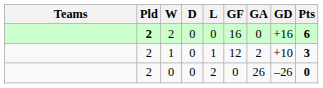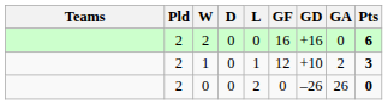 <table class="wikitable" style="text-align: center;">
 <tr>
 <th width=165>Teams</th>
 <th width=20>Pld</th>
 <th width=20>W</th>
 <th width=20>D</th>
 <th width=20>L</th>
 <th width=20>GF</th>
+<th width=20>GD</th>
 <th width=20>GA</th>
-<th width=20>GD</th>
 <th width=20>Pts</th>
 </tr>
 <tr align=center style="background:#ccffcc;">
 <td style="text-align:left;"></td>
-<td><strong>2</strong></td>
+<td>2</td>
 <td>2</td>
 <td>0</td>
 <td>0</td>
 <td>16</td>
+<td>+16</td>
 <td>0</td>
-<td>+16</td>
 <td><strong>6</strong></td>
 </tr>
 <tr align=center>
 <td style="text-align:left;"></td>
 <td>2</td>
 <td>1</td>
 <td>0</td>
 <td>1</td>
 <td>12</td>
+<td>+10</td>
 <td>2</td>
-<td>+10</td>
 <td><strong>3</strong></td>
 </tr>
 <tr align=center>
 <td style="text-align:left;"></td>
 <td>2</td>
 <td>0</td>
 <td>0</td>
 <td>2</td>
 <td>0</td>
+<td>–26</td>
 <td>26</td>
-<td>–26</td>
 <td><strong>0</strong></td>
 </tr>
 </table>
